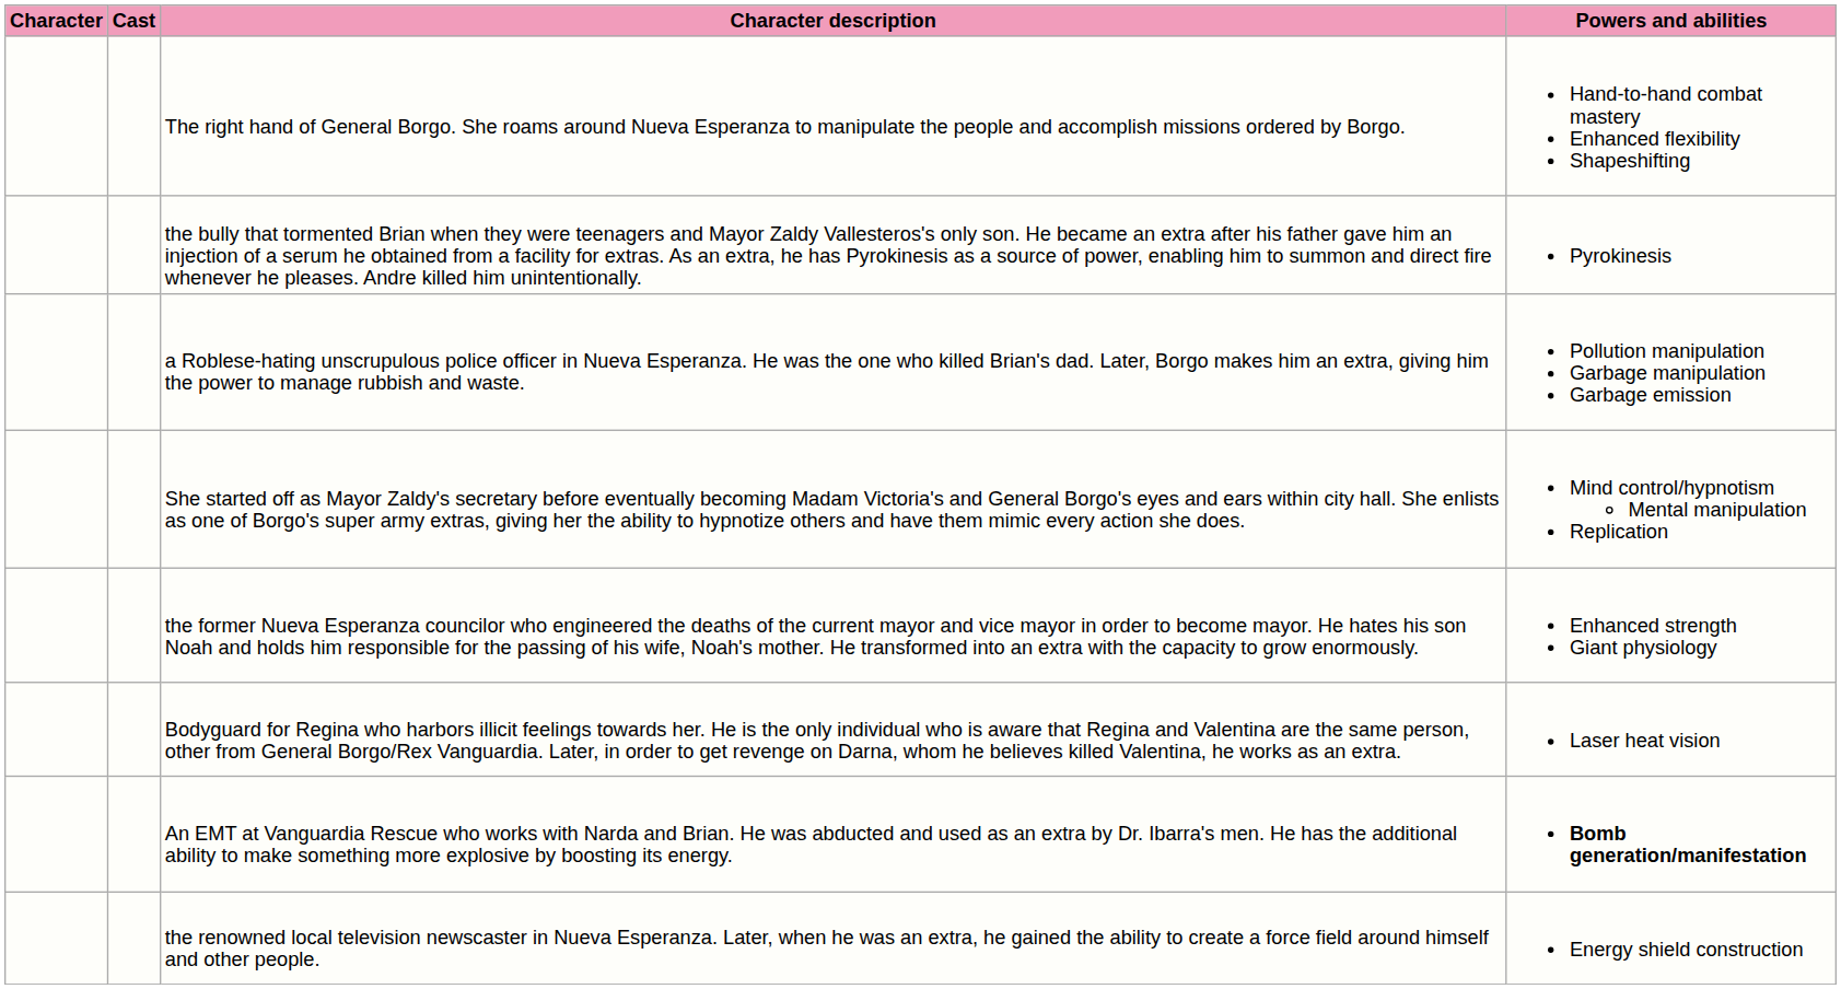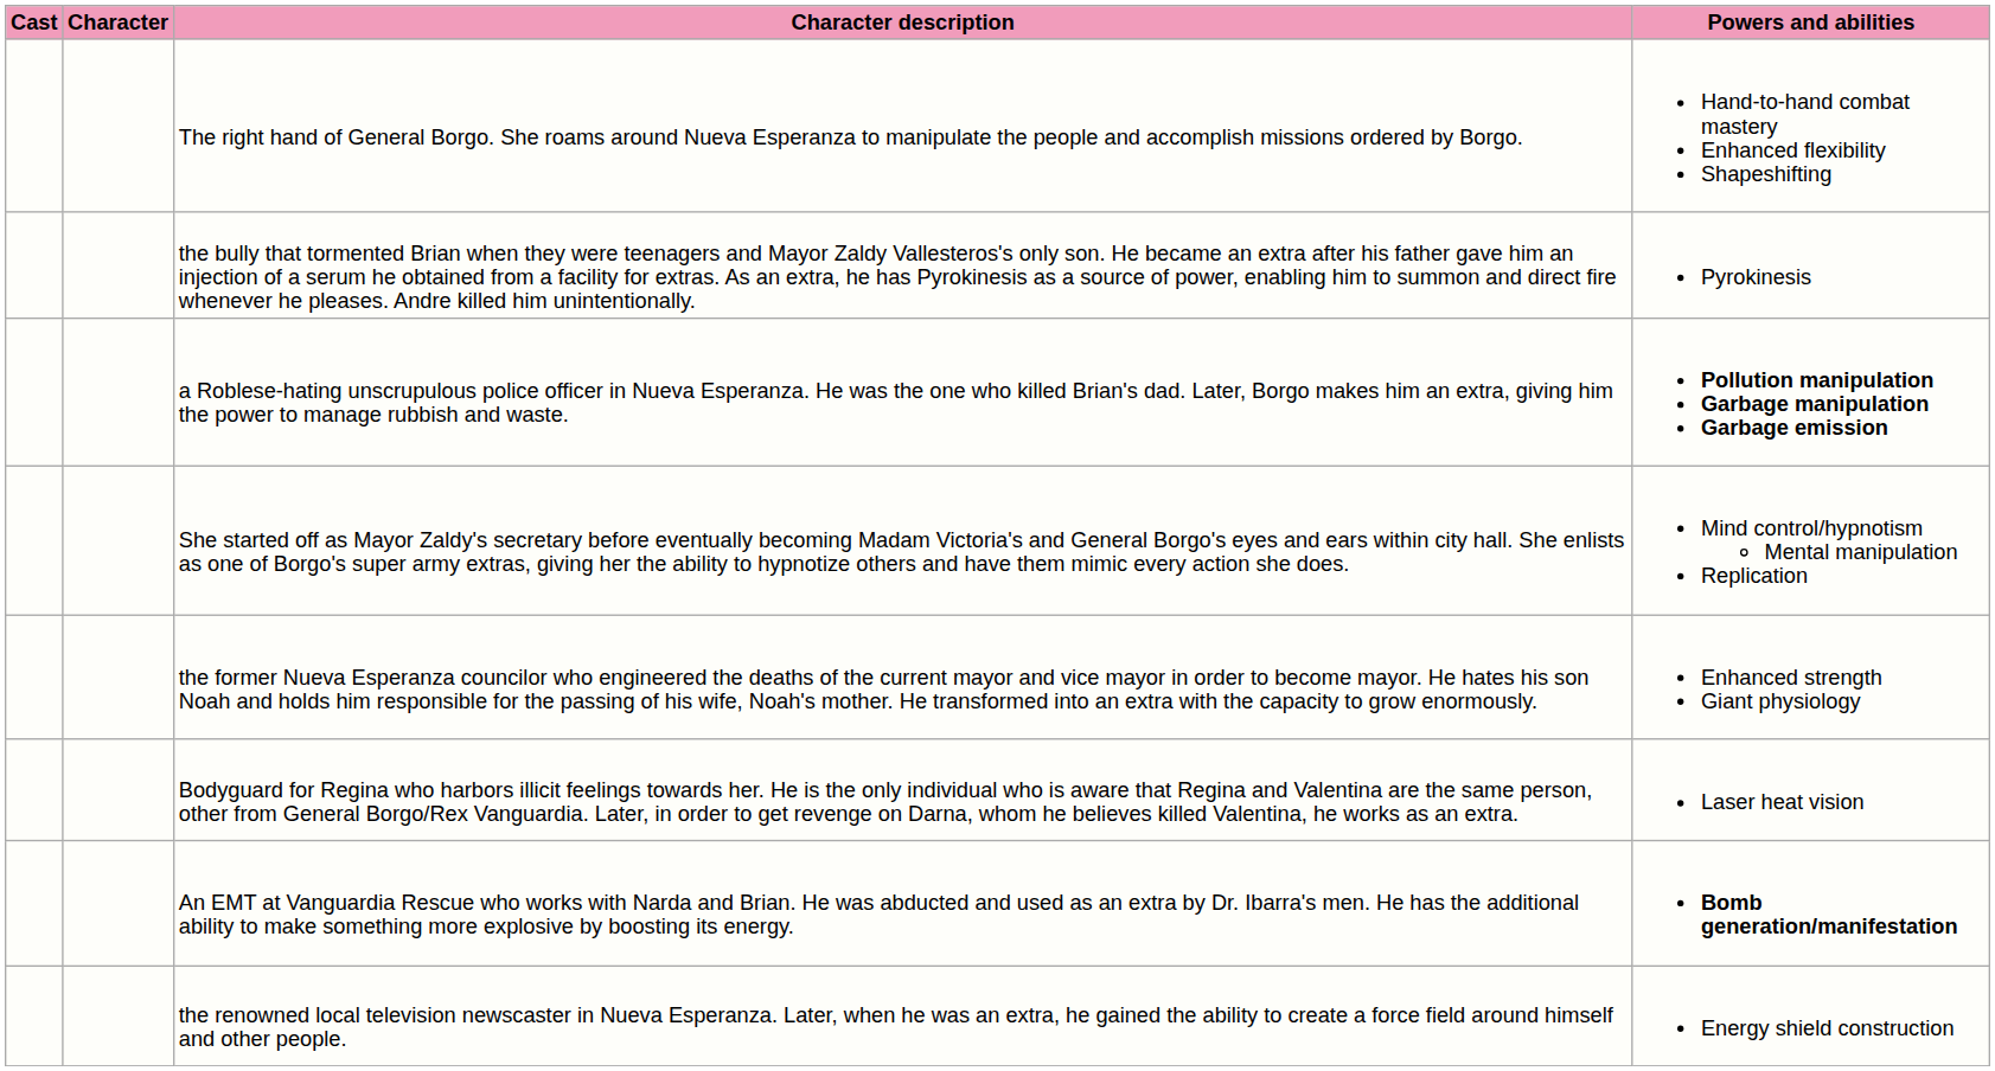 <table class="wikitable" style=" background:#FEFEFA; font-size: 85%;">
 <tr>
+<th style="background:#F19CBB;">Cast</th>
 <th style="background:#F19CBB; ">Character</th>
-<th style="background:#F19CBB;">Cast</th>
 <th style="background:#F19CBB;">Character description</th>
 <th style="background:#F19CBB;">Powers and abilities</th>
 </tr>
 <tr>
 <td></td>
 <td></td>
 <td><br>The right hand of General Borgo. She roams around Nueva Esperanza to manipulate the people and accomplish missions ordered by Borgo.</td>
 <td><br><ul><li>Hand-to-hand combat mastery</li><li>Enhanced flexibility</li><li>Shapeshifting</li></ul></td>
 </tr>
 <tr>
 <td></td>
 <td></td>
 <td><br>the bully that tormented Brian when they were teenagers and Mayor Zaldy Vallesteros's only son. He became an extra after his father gave him an injection of a serum he obtained from a facility for extras. As an extra, he has Pyrokinesis as a source of power, enabling him to summon and direct fire whenever he pleases. Andre killed him unintentionally.</td>
 <td><br><ul><li>Pyrokinesis</li></ul></td>
 </tr>
 <tr>
 <td></td>
 <td></td>
 <td><br>a Roblese-hating unscrupulous police officer in Nueva Esperanza. He was the one who killed Brian's dad. Later, Borgo makes him an extra, giving him the power to manage rubbish and waste.</td>
-<td><br><ul><li>Pollution manipulation</li><li>Garbage manipulation</li><li>Garbage emission</li></ul></td>
+<td><strong><br><ul><li>Pollution manipulation</li><li>Garbage manipulation</li><li>Garbage emission</li></ul></strong></td>
 </tr>
 <tr>
 <td></td>
 <td></td>
 <td><br>She started off as Mayor Zaldy's secretary before eventually becoming Madam Victoria's and General Borgo's eyes and ears within city hall. She enlists as one of Borgo's super army extras, giving her the ability to hypnotize others and have them mimic every action she does.</td>
 <td><br><ul><li>Mind control/hypnotism<ul><li>Mental manipulation</li></ul></li><li>Replication</li></ul></td>
 </tr>
 <tr>
 <td></td>
 <td></td>
 <td><br>the former Nueva Esperanza councilor who engineered the deaths of the current mayor and vice mayor in order to become mayor. He hates his son Noah and holds him responsible for the passing of his wife, Noah's mother. He transformed into an extra with the capacity to grow enormously.</td>
 <td><br><ul><li>Enhanced strength</li><li>Giant physiology</li></ul></td>
 </tr>
 <tr>
 <td></td>
 <td></td>
 <td><br>Bodyguard for Regina who harbors illicit feelings towards her. He is the only individual who is aware that Regina and Valentina are the same person, other from General Borgo/Rex Vanguardia. Later, in order to get revenge on Darna, whom he believes killed Valentina, he works as an extra.</td>
 <td><br><ul><li>Laser heat vision</li></ul></td>
 </tr>
 <tr>
 <td></td>
 <td></td>
 <td><br>An EMT at Vanguardia Rescue who works with Narda and Brian. He was abducted and used as an extra by Dr. Ibarra's men. He has the additional ability to make something more explosive by boosting its energy.</td>
 <td><strong><br><ul><li>Bomb generation/manifestation</li></ul></strong></td>
 </tr>
 <tr>
 <td></td>
 <td></td>
 <td><br>the renowned local television newscaster in Nueva Esperanza. Later, when he was an extra, he gained the ability to create a force field around himself and other people.</td>
 <td><br><ul><li>Energy shield construction</li></ul></td>
 </tr>
 </table>
